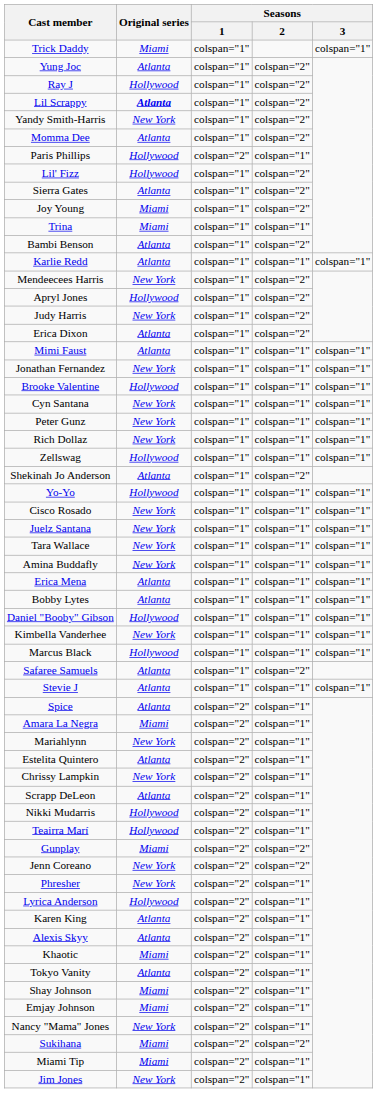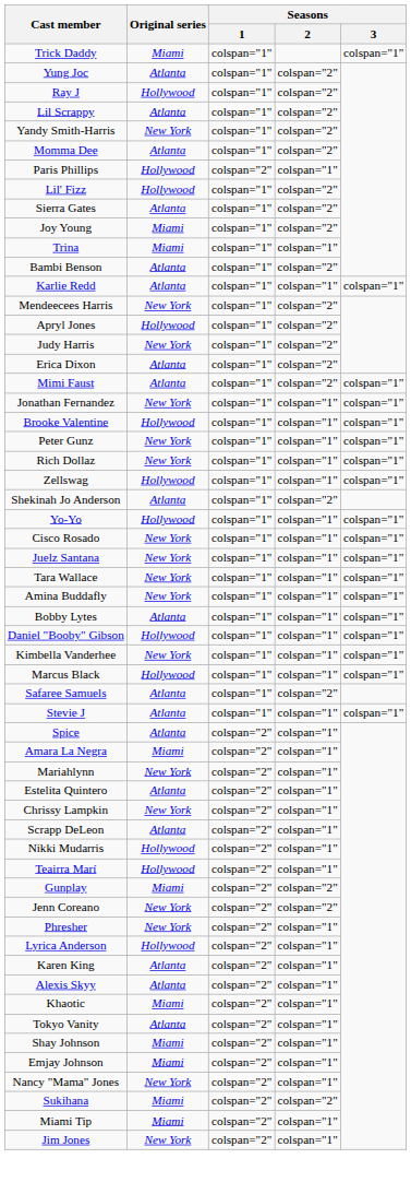 <table class="wikitable sortable plainrowheaders" style="text-align:center;">
 <tr>
 <th scope="col" rowspan="2" style="text-align:center%">Cast member</th>
 <th scope="col" rowspan="2" style="text-align:center%">Original series</th>
 <th scope="col" colspan="3">Seasons</th>
 </tr>
 <tr>
 <th scope="col">1</th>
 <th scope="col">2</th>
 <th scope="col">3</th>
 </tr>
 <tr>
 <td><a href='#'>Trick Daddy</a></td>
 <td><em><a href='#'>Miami</a></em></td>
 <td>colspan="1" </td>
 <td></td>
 <td>colspan="1" </td>
 </tr>
 <tr>
 <td><a href='#'>Yung Joc</a></td>
 <td><em><a href='#'>Atlanta</a></em></td>
 <td>colspan="1" </td>
 <td>colspan="2" </td>
 </tr>
 <tr>
 <td><a href='#'>Ray J</a></td>
 <td><em><a href='#'>Hollywood</a></em></td>
 <td>colspan="1" </td>
 <td>colspan="2" </td>
 </tr>
 <tr>
 <td><a href='#'>Lil Scrappy</a></td>
-<td><strong><em><a href='#'>Atlanta</a></em></strong></td>
+<td><em><a href='#'>Atlanta</a></em></td>
 <td>colspan="1" </td>
 <td>colspan="2" </td>
 </tr>
 <tr>
 <td>Yandy Smith-Harris</td>
 <td><em><a href='#'>New York</a></em></td>
 <td>colspan="1" </td>
 <td>colspan="2" </td>
 </tr>
 <tr>
 <td><a href='#'>Momma Dee</a></td>
 <td><em><a href='#'>Atlanta</a></em></td>
 <td>colspan="1" </td>
 <td>colspan="2" </td>
 </tr>
 <tr>
 <td>Paris Phillips</td>
 <td><em><a href='#'>Hollywood</a></em></td>
 <td>colspan="2" </td>
 <td>colspan="1" </td>
 </tr>
 <tr>
 <td><a href='#'>Lil' Fizz</a></td>
 <td><em><a href='#'>Hollywood</a></em></td>
 <td>colspan="1" </td>
 <td>colspan="2" </td>
 </tr>
 <tr>
 <td>Sierra Gates</td>
 <td><em><a href='#'>Atlanta</a></em></td>
 <td>colspan="1" </td>
 <td>colspan="2" </td>
 </tr>
 <tr>
 <td>Joy Young</td>
 <td><em><a href='#'>Miami</a></em></td>
 <td>colspan="1" </td>
 <td>colspan="2" </td>
 </tr>
 <tr>
 <td><a href='#'>Trina</a></td>
 <td><em><a href='#'>Miami</a></em></td>
 <td>colspan="1" </td>
 <td>colspan="1" </td>
 </tr>
 <tr>
 <td>Bambi Benson</td>
 <td><em><a href='#'>Atlanta</a></em></td>
 <td>colspan="1" </td>
 <td>colspan="2" </td>
 </tr>
 <tr>
 <td><a href='#'>Karlie Redd</a></td>
 <td><em><a href='#'>Atlanta</a></em></td>
 <td>colspan="1" </td>
 <td>colspan="1" </td>
 <td>colspan="1" </td>
 </tr>
 <tr>
 <td>Mendeecees Harris</td>
 <td><em><a href='#'>New York</a></em></td>
 <td>colspan="1" </td>
 <td>colspan="2" </td>
 </tr>
 <tr>
 <td>Apryl Jones</td>
 <td><em><a href='#'>Hollywood</a></em></td>
 <td>colspan="1" </td>
 <td>colspan="2" </td>
 </tr>
 <tr>
 <td>Judy Harris</td>
 <td><em><a href='#'>New York</a></em></td>
 <td>colspan="1" </td>
 <td>colspan="2" </td>
 </tr>
 <tr>
 <td>Erica Dixon</td>
 <td><em><a href='#'>Atlanta</a></em></td>
 <td>colspan="1" </td>
 <td>colspan="2" </td>
 </tr>
 <tr>
 <td><a href='#'>Mimi Faust</a></td>
 <td><em><a href='#'>Atlanta</a></em></td>
 <td>colspan="1" </td>
-<td>colspan="1" </td>
+<td>colspan="2" </td>
 <td>colspan="1" </td>
 </tr>
 <tr>
 <td>Jonathan Fernandez</td>
 <td><em><a href='#'>New York</a></em></td>
 <td>colspan="1" </td>
 <td>colspan="1" </td>
 <td>colspan="1" </td>
 </tr>
 <tr>
 <td><a href='#'>Brooke Valentine</a></td>
 <td><em><a href='#'>Hollywood</a></em></td>
-<td>colspan="1" </td>
-<td>colspan="1" </td>
-<td>colspan="1" </td>
-</tr>
-<tr>
-<td>Cyn Santana</td>
-<td><em><a href='#'>New York</a></em></td>
 <td>colspan="1" </td>
 <td>colspan="1" </td>
 <td>colspan="1" </td>
 </tr>
 <tr>
 <td>Peter Gunz</td>
 <td><em><a href='#'>New York</a></em></td>
 <td>colspan="1" </td>
 <td>colspan="1" </td>
 <td>colspan="1" </td>
 </tr>
 <tr>
 <td>Rich Dollaz</td>
 <td><em><a href='#'>New York</a></em></td>
 <td>colspan="1" </td>
 <td>colspan="1" </td>
 <td>colspan="1" </td>
 </tr>
 <tr>
 <td>Zellswag</td>
 <td><em><a href='#'>Hollywood</a></em></td>
 <td>colspan="1" </td>
 <td>colspan="1" </td>
 <td>colspan="1" </td>
 </tr>
 <tr>
 <td>Shekinah Jo Anderson</td>
 <td><em><a href='#'>Atlanta</a></em></td>
 <td>colspan="1" </td>
 <td>colspan="2" </td>
 </tr>
 <tr>
 <td><a href='#'>Yo-Yo</a></td>
 <td><em><a href='#'>Hollywood</a></em></td>
 <td>colspan="1" </td>
 <td>colspan="1" </td>
 <td>colspan="1" </td>
 </tr>
 <tr>
 <td>Cisco Rosado</td>
 <td><em><a href='#'>New York</a></em></td>
 <td>colspan="1" </td>
 <td>colspan="1" </td>
 <td>colspan="1" </td>
 </tr>
 <tr>
 <td><a href='#'>Juelz Santana</a></td>
 <td><em><a href='#'>New York</a></em></td>
 <td>colspan="1" </td>
 <td>colspan="1" </td>
 <td>colspan="1" </td>
 </tr>
 <tr>
 <td>Tara Wallace</td>
 <td><em><a href='#'>New York</a></em></td>
 <td>colspan="1" </td>
 <td>colspan="1" </td>
 <td>colspan="1" </td>
 </tr>
 <tr>
 <td>Amina Buddafly</td>
 <td><em><a href='#'>New York</a></em></td>
-<td>colspan="1" </td>
-<td>colspan="1" </td>
-<td>colspan="1" </td>
-</tr>
-<tr>
-<td><a href='#'>Erica Mena</a></td>
-<td><em><a href='#'>Atlanta</a></em></td>
 <td>colspan="1" </td>
 <td>colspan="1" </td>
 <td>colspan="1" </td>
 </tr>
 <tr>
 <td>Bobby Lytes</td>
 <td><em><a href='#'>Atlanta</a></em></td>
 <td>colspan="1" </td>
 <td>colspan="1" </td>
 <td>colspan="1" </td>
 </tr>
 <tr>
 <td><a href='#'>Daniel "Booby" Gibson</a></td>
 <td><em><a href='#'>Hollywood</a></em></td>
 <td>colspan="1" </td>
 <td>colspan="1" </td>
 <td>colspan="1" </td>
 </tr>
 <tr>
 <td>Kimbella Vanderhee</td>
 <td><em><a href='#'>New York</a></em></td>
 <td>colspan="1" </td>
 <td>colspan="1" </td>
 <td>colspan="1" </td>
 </tr>
 <tr>
 <td>Marcus Black</td>
 <td><em><a href='#'>Hollywood</a></em></td>
 <td>colspan="1" </td>
 <td>colspan="1" </td>
 <td>colspan="1" </td>
 </tr>
 <tr>
 <td><a href='#'>Safaree Samuels</a></td>
 <td><em><a href='#'>Atlanta</a></em></td>
 <td>colspan="1" </td>
 <td>colspan="2" </td>
 </tr>
 <tr>
 <td><a href='#'>Stevie J</a></td>
 <td><em><a href='#'>Atlanta</a></em></td>
 <td>colspan="1" </td>
 <td>colspan="1" </td>
 <td>colspan="1" </td>
 </tr>
 <tr>
 <td><a href='#'>Spice</a></td>
 <td><em><a href='#'>Atlanta</a></em></td>
 <td>colspan="2" </td>
 <td>colspan="1" </td>
 </tr>
 <tr>
 <td><a href='#'>Amara La Negra</a></td>
 <td><em><a href='#'>Miami</a></em></td>
 <td>colspan="2" </td>
 <td>colspan="1" </td>
 </tr>
 <tr>
 <td>Mariahlynn</td>
 <td><em><a href='#'>New York</a></em></td>
 <td>colspan="2" </td>
 <td>colspan="1" </td>
 </tr>
 <tr>
 <td>Estelita Quintero</td>
 <td><em><a href='#'>Atlanta</a></em></td>
 <td>colspan="2" </td>
 <td>colspan="1" </td>
 </tr>
 <tr>
 <td>Chrissy Lampkin</td>
 <td><em><a href='#'>New York</a></em></td>
 <td>colspan="2" </td>
 <td>colspan="1" </td>
 </tr>
 <tr>
 <td>Scrapp DeLeon</td>
 <td><em><a href='#'>Atlanta</a></em></td>
 <td>colspan="2" </td>
 <td>colspan="1" </td>
 </tr>
 <tr>
 <td>Nikki Mudarris</td>
 <td><em><a href='#'>Hollywood</a></em></td>
 <td>colspan="2" </td>
 <td>colspan="1" </td>
 </tr>
 <tr>
 <td><a href='#'>Teairra Marí</a></td>
 <td><em><a href='#'>Hollywood</a></em></td>
 <td>colspan="2" </td>
 <td>colspan="1" </td>
 </tr>
 <tr>
 <td><a href='#'>Gunplay</a></td>
 <td><em><a href='#'>Miami</a></em></td>
 <td>colspan="2" </td>
 <td>colspan="2" </td>
 </tr>
 <tr>
 <td>Jenn Coreano</td>
 <td><em><a href='#'>New York</a></em></td>
 <td>colspan="2" </td>
 <td>colspan="2" </td>
 </tr>
 <tr>
 <td><a href='#'>Phresher</a></td>
 <td><em><a href='#'>New York</a></em></td>
 <td>colspan="2" </td>
 <td>colspan="1" </td>
 </tr>
 <tr>
 <td><a href='#'>Lyrica Anderson</a></td>
 <td><em><a href='#'>Hollywood</a></em></td>
 <td>colspan="2" </td>
 <td>colspan="1" </td>
 </tr>
 <tr>
 <td>Karen King</td>
 <td><em><a href='#'>Atlanta</a></em></td>
 <td>colspan="2" </td>
 <td>colspan="1" </td>
 </tr>
 <tr>
 <td><a href='#'>Alexis Skyy</a></td>
 <td><em><a href='#'>Atlanta</a></em></td>
 <td>colspan="2" </td>
 <td>colspan="1" </td>
 </tr>
 <tr>
 <td>Khaotic</td>
 <td><em><a href='#'>Miami</a></em></td>
 <td>colspan="2" </td>
 <td>colspan="1" </td>
 </tr>
 <tr>
 <td>Tokyo Vanity</td>
 <td><em><a href='#'>Atlanta</a></em></td>
 <td>colspan="2" </td>
 <td>colspan="1" </td>
 </tr>
 <tr>
 <td>Shay Johnson</td>
 <td><em><a href='#'>Miami</a></em></td>
 <td>colspan="2" </td>
 <td>colspan="1" </td>
 </tr>
 <tr>
 <td>Emjay Johnson</td>
 <td><em><a href='#'>Miami</a></em></td>
 <td>colspan="2" </td>
 <td>colspan="1" </td>
 </tr>
 <tr>
 <td>Nancy "Mama" Jones</td>
 <td><em><a href='#'>New York</a></em></td>
 <td>colspan="2" </td>
 <td>colspan="1" </td>
 </tr>
 <tr>
 <td><a href='#'>Sukihana</a></td>
 <td><em><a href='#'>Miami</a></em></td>
 <td>colspan="2" </td>
 <td>colspan="2" </td>
 </tr>
 <tr>
 <td>Miami Tip</td>
 <td><em><a href='#'>Miami</a></em></td>
 <td>colspan="2" </td>
 <td>colspan="1" </td>
 </tr>
 <tr>
 <td><a href='#'>Jim Jones</a></td>
 <td><em><a href='#'>New York</a></em></td>
 <td>colspan="2" </td>
 <td>colspan="1" </td>
 </tr>
 </table>
